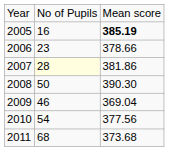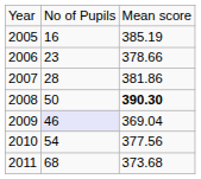 <table class="wikitable">
 <tr>
 <td>Year</td>
 <td>No of Pupils</td>
 <td>Mean score</td>
 </tr>
 <tr>
 <td>2005</td>
 <td>16</td>
-<td><strong>385.19</strong></td>
+<td>385.19</td>
 </tr>
 <tr>
 <td>2006</td>
 <td>23</td>
 <td>378.66</td>
 </tr>
 <tr>
 <td>2007</td>
-<td style="background: lightyellow;">28</td>
+<td>28</td>
 <td>381.86</td>
 </tr>
 <tr>
 <td>2008</td>
 <td>50</td>
-<td>390.30</td>
+<td><strong>390.30</strong></td>
 </tr>
 <tr>
 <td>2009</td>
-<td>46</td>
+<td style="background: lavender;">46</td>
 <td>369.04</td>
 </tr>
 <tr>
 <td>2010</td>
 <td>54</td>
 <td>377.56</td>
 </tr>
 <tr>
 <td>2011</td>
 <td>68</td>
 <td>373.68</td>
 </tr>
 </table>
